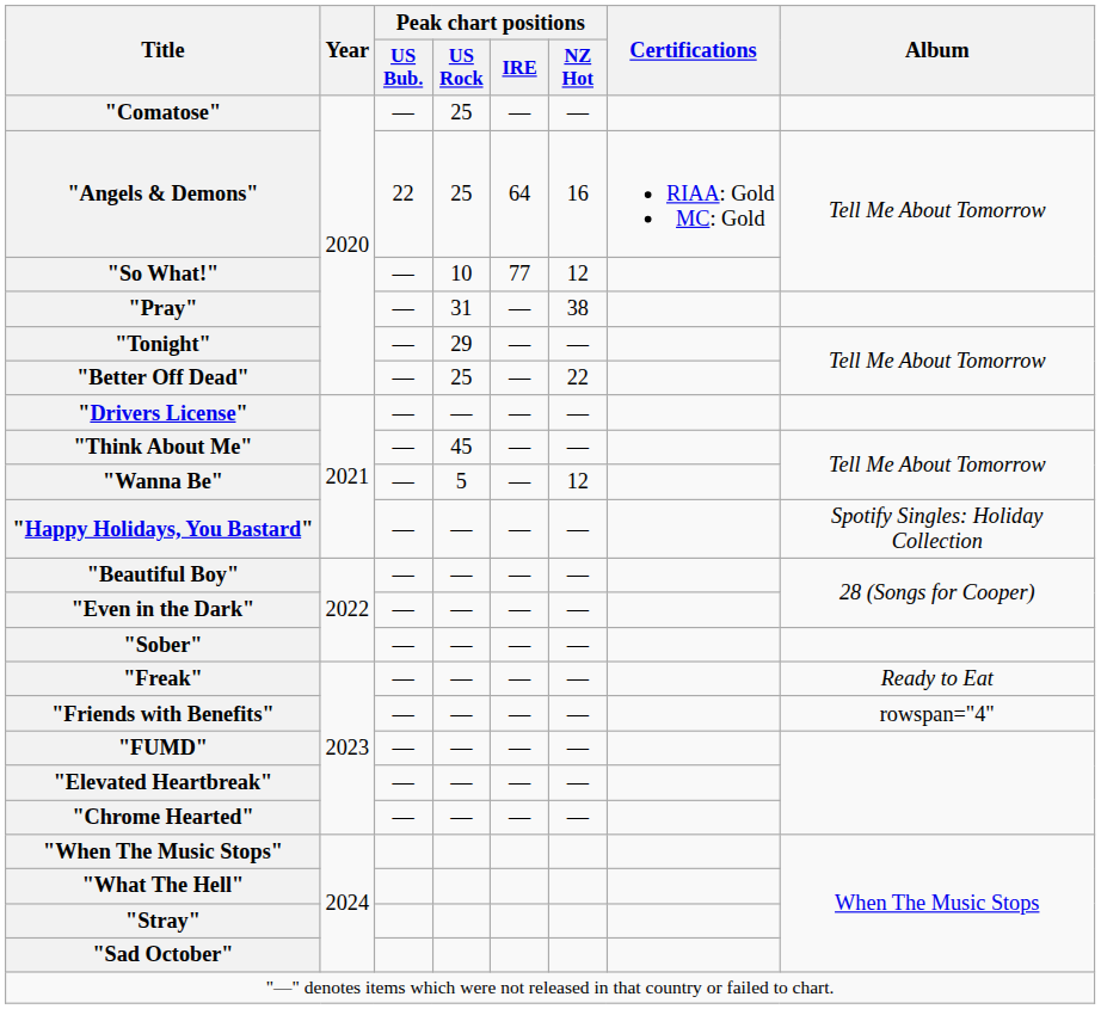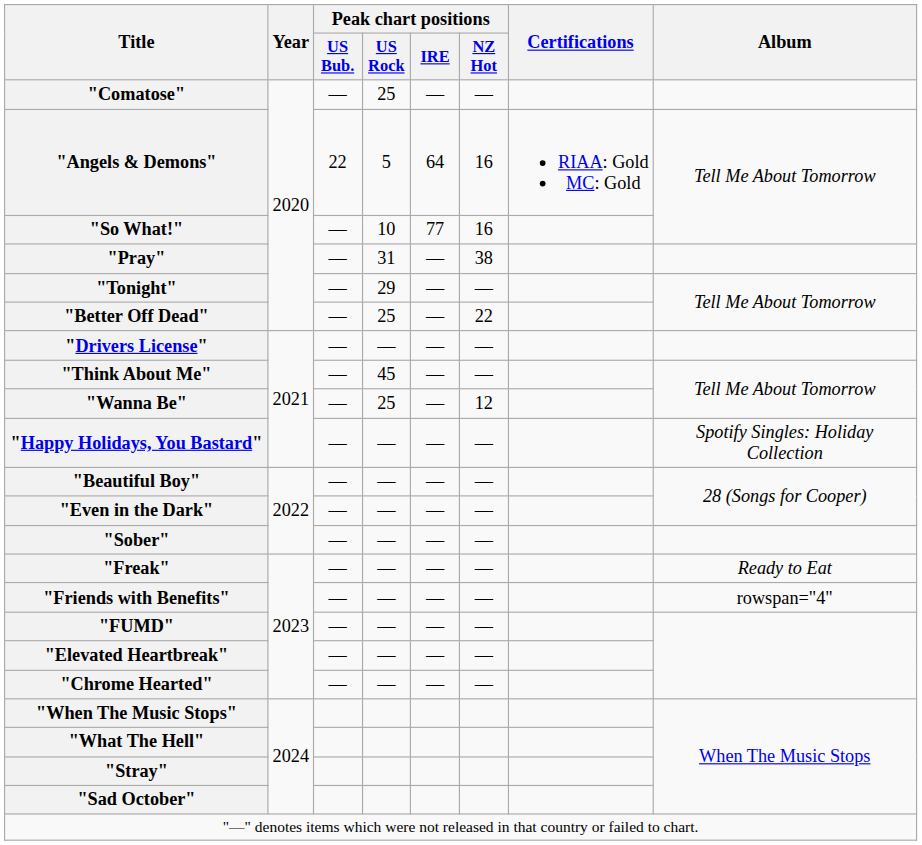 <table class="wikitable plainrowheaders" style="text-align:center;">
 <tr>
 <th scope="col" rowspan="2" style="width:14em;">Title</th>
 <th scope="col" rowspan="2" style="width:1em;">Year</th>
 <th scope="col" colspan="4">Peak chart positions</th>
 <th scope="col" rowspan="2"><a href='#'>Certifications</a></th>
 <th scope="col" rowspan="2" style="width:14em;">Album</th>
 </tr>
 <tr>
 <th scope="col" style="width:2.5em;font-size:90%;"><a href='#'>US<br>Bub.</a><br></th>
 <th scope="col" style="width:2.5em;font-size:90%;"><a href='#'>US<br>Rock</a><br></th>
 <th scope="col" style="width:2.5em;font-size:90%;"><a href='#'>IRE</a><br></th>
 <th scope="col" style="width:2.5em;font-size:90%;"><a href='#'>NZ<br>Hot</a><br></th>
 </tr>
 <tr>
 <th scope="row">"Comatose"</th>
 <td rowspan="6">2020</td>
 <td>—</td>
 <td>25</td>
 <td>—</td>
 <td>—</td>
 <td></td>
 <td></td>
 </tr>
 <tr>
 <th scope="row">"Angels & Demons"</th>
 <td>22</td>
-<td>25</td>
+<td>5</td>
 <td>64</td>
 <td>16</td>
 <td><br><ul><li><a href='#'>RIAA</a>: Gold</li><li><a href='#'>MC</a>: Gold</li></ul></td>
 <td rowspan="2"><em>Tell Me About Tomorrow</em></td>
 </tr>
 <tr>
 <th scope="row">"So What!"</th>
 <td>—</td>
 <td>10</td>
 <td>77</td>
-<td>12</td>
+<td>16</td>
 <td></td>
 </tr>
 <tr>
 <th scope="row">"Pray"</th>
 <td>—</td>
 <td>31</td>
 <td>—</td>
 <td>38</td>
 <td></td>
 <td></td>
 </tr>
 <tr>
 <th scope="row">"Tonight"<br></th>
 <td>—</td>
 <td>29</td>
 <td>—</td>
 <td>—</td>
 <td></td>
 <td rowspan="2"><em>Tell Me About Tomorrow</em></td>
 </tr>
 <tr>
 <th scope="row">"Better Off Dead"</th>
 <td>—</td>
 <td>25</td>
 <td>—</td>
 <td>22</td>
 <td></td>
 </tr>
 <tr>
 <th scope="row">"<a href='#'>Drivers License</a>"</th>
 <td rowspan="4">2021</td>
 <td>—</td>
 <td>—</td>
 <td>—</td>
 <td>—</td>
 <td></td>
 <td></td>
 </tr>
 <tr>
 <th scope="row">"Think About Me"</th>
 <td>—</td>
 <td>45</td>
 <td>—</td>
 <td>—</td>
 <td></td>
 <td rowspan="2"><em>Tell Me About Tomorrow</em></td>
 </tr>
 <tr>
 <th scope="row">"Wanna Be"<br></th>
 <td>—</td>
-<td>5</td>
+<td>25</td>
 <td>—</td>
 <td>12</td>
 <td></td>
 </tr>
 <tr>
 <th scope="row">"<a href='#'>Happy Holidays, You Bastard</a>"</th>
 <td>—</td>
 <td>—</td>
 <td>—</td>
 <td>—</td>
 <td></td>
 <td><em>Spotify Singles: Holiday Collection</em></td>
 </tr>
 <tr>
 <th scope="row">"Beautiful Boy"</th>
 <td rowspan="3">2022</td>
 <td>—</td>
 <td>—</td>
 <td>—</td>
 <td>—</td>
 <td></td>
 <td rowspan="2"><em>28 (Songs for Cooper)</em></td>
 </tr>
 <tr>
 <th scope="row">"Even in the Dark"</th>
 <td>—</td>
 <td>—</td>
 <td>—</td>
 <td>—</td>
 <td></td>
 </tr>
 <tr>
 <th scope="row">"Sober"</th>
 <td>—</td>
 <td>—</td>
 <td>—</td>
 <td>—</td>
 <td></td>
 <td></td>
 </tr>
 <tr>
 <th scope="row">"Freak"<br></th>
 <td rowspan="5">2023</td>
 <td>—</td>
 <td>—</td>
 <td>—</td>
 <td>—</td>
 <td></td>
 <td><em>Ready to Eat</em></td>
 </tr>
 <tr>
 <th scope="row">"Friends with Benefits"</th>
 <td>—</td>
 <td>—</td>
 <td>—</td>
 <td>—</td>
 <td></td>
 <td>rowspan="4" </td>
 </tr>
 <tr>
 <th scope="row">"FUMD"<br></th>
 <td>—</td>
 <td>—</td>
 <td>—</td>
 <td>—</td>
 <td></td>
 </tr>
 <tr>
 <th scope="row">"Elevated Heartbreak"</th>
 <td>—</td>
 <td>—</td>
 <td>—</td>
 <td>—</td>
 <td></td>
 </tr>
 <tr>
 <th scope="row">"Chrome Hearted"</th>
 <td>—</td>
 <td>—</td>
 <td>—</td>
 <td>—</td>
 <td></td>
 </tr>
 <tr>
 <th scope="row">"When The Music Stops"</th>
 <td rowspan="4">2024</td>
 <td></td>
 <td></td>
 <td></td>
 <td></td>
 <td></td>
 <td rowspan="4"><a href='#'>When The Music Stops</a></td>
 </tr>
 <tr>
 <th scope="row">"What The Hell"</th>
 <td></td>
 <td></td>
 <td></td>
 <td></td>
 <td></td>
 </tr>
 <tr>
 <th scope="row">"Stray"</th>
 <td></td>
 <td></td>
 <td></td>
 <td></td>
 <td></td>
 </tr>
 <tr>
 <th scope="row">"Sad October"</th>
 <td></td>
 <td></td>
 <td></td>
 <td></td>
 <td></td>
 </tr>
 <tr>
 <td colspan="8" style="font-size:85%;">"—" denotes items which were not released in that country or failed to chart.</td>
 </tr>
 </table>
